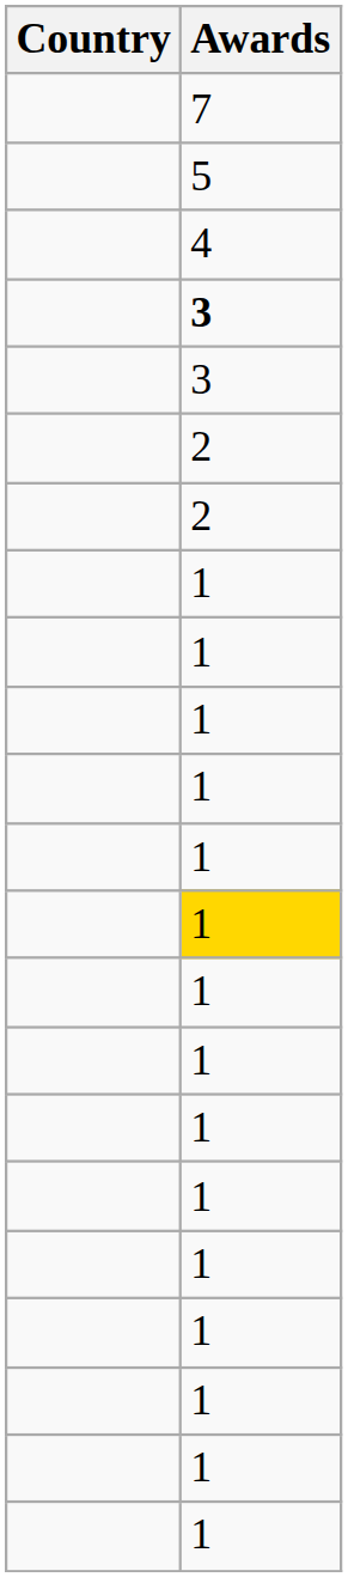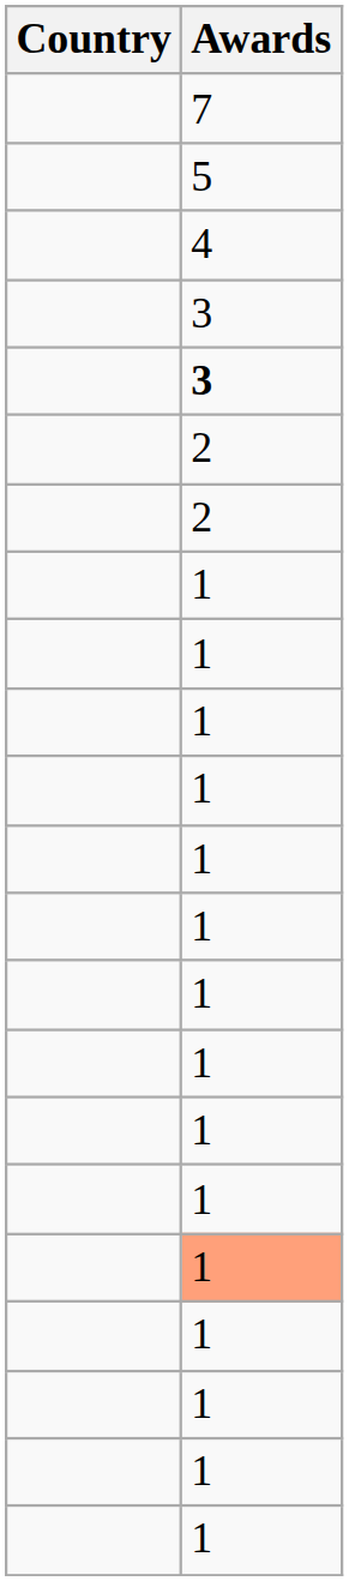 <table class="wikitable">
 <tr>
 <th scope="col">Country</th>
 <th scope="col">Awards</th>
 </tr>
 <tr>
 <td></td>
 <td>7</td>
 </tr>
 <tr>
 <td></td>
 <td>5</td>
 </tr>
 <tr>
 <td></td>
 <td>4</td>
 </tr>
 <tr>
 <td></td>
-<td><strong>3</strong></td>
+<td>3</td>
 </tr>
 <tr>
 <td></td>
-<td>3</td>
+<td><strong>3</strong></td>
 </tr>
 <tr>
 <td></td>
 <td>2</td>
 </tr>
 <tr>
 <td></td>
 <td>2</td>
-</tr>
-<tr>
-<td></td>
-<td>1</td>
-</tr>
-<tr>
-<td></td>
-<td>1</td>
-</tr>
-<tr>
-<td></td>
-<td>1</td>
-</tr>
-<tr>
-<td></td>
-<td>1</td>
-</tr>
-<tr>
-<td></td>
-<td>1</td>
-</tr>
-<tr>
-<td></td>
-<td style="background: gold;">1</td>
 </tr>
 <tr>
 <td></td>
 <td>1</td>
 </tr>
 <tr>
 <td></td>
 <td>1</td>
 </tr>
 <tr>
 <td></td>
 <td>1</td>
 </tr>
 <tr>
 <td></td>
 <td>1</td>
 </tr>
 <tr>
 <td></td>
 <td>1</td>
 </tr>
 <tr>
 <td></td>
 <td>1</td>
 </tr>
 <tr>
 <td></td>
 <td>1</td>
 </tr>
 <tr>
 <td></td>
 <td>1</td>
 </tr>
 <tr>
 <td></td>
 <td>1</td>
 </tr>
+<tr>
+<td></td>
+<td>1</td>
+</tr>
+<tr>
+<td></td>
+<td style="background: lightsalmon;">1</td>
+</tr>
+<tr>
+<td></td>
+<td>1</td>
+</tr>
+<tr>
+<td></td>
+<td>1</td>
+</tr>
+<tr>
+<td></td>
+<td>1</td>
+</tr>
+<tr>
+<td></td>
+<td>1</td>
+</tr>
 </table>
